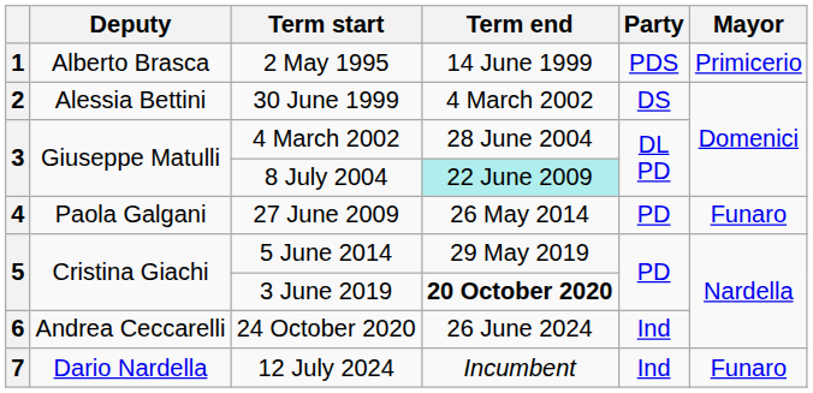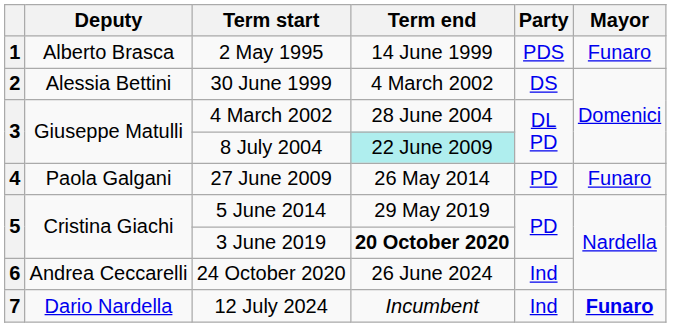 <table class="wikitable" style="text-align: center;">
 <tr>
 <th class=unsortable> </th>
 <th>Deputy</th>
 <th>Term start</th>
 <th>Term end</th>
 <th>Party</th>
 <th>Mayor</th>
 </tr>
 <tr>
 <th style="background:">1</th>
 <td>Alberto Brasca</td>
 <td>2 May 1995</td>
 <td>14 June 1999</td>
 <td><a href='#'>PDS</a></td>
-<td><a href='#'>Primicerio</a></td>
+<td><a href='#'>Funaro</a></td>
 </tr>
 <tr>
 <th style="background:">2</th>
 <td>Alessia Bettini</td>
 <td>30 June 1999</td>
 <td>4 March 2002</td>
 <td><a href='#'>DS</a></td>
 <td rowspan=3><a href='#'>Domenici</a></td>
 </tr>
 <tr>
 <th rowspan=2 style="background:">3</th>
 <td rowspan=2>Giuseppe Matulli</td>
 <td>4 March 2002</td>
 <td>28 June 2004</td>
 <td rowspan=2><a href='#'>DL</a><br><a href='#'>PD</a></td>
 </tr>
 <tr>
 <td>8 July 2004</td>
 <td style="background: paleturquoise;">22 June 2009</td>
 </tr>
 <tr>
 <th style="background:">4</th>
 <td>Paola Galgani</td>
 <td>27 June 2009</td>
 <td>26 May 2014</td>
 <td><a href='#'>PD</a></td>
 <td><a href='#'>Funaro</a></td>
 </tr>
 <tr>
 <th rowspan=2 style="background:">5</th>
 <td rowspan=2>Cristina Giachi</td>
 <td>5 June 2014</td>
 <td>29 May 2019</td>
 <td rowspan=2><a href='#'>PD</a></td>
 <td rowspan=3><a href='#'>Nardella</a></td>
 </tr>
 <tr>
 <td>3 June 2019</td>
 <td><strong>20 October 2020</strong></td>
 </tr>
 <tr>
 <th style="background:">6</th>
 <td>Andrea Ceccarelli</td>
 <td>24 October 2020</td>
 <td>26 June 2024</td>
 <td><a href='#'>Ind</a></td>
 </tr>
 <tr>
 <th style="background:">7</th>
 <td><a href='#'>Dario Nardella</a></td>
 <td>12 July 2024</td>
 <td><em>Incumbent</em></td>
 <td><a href='#'>Ind</a></td>
-<td><a href='#'>Funaro</a></td>
+<td><strong><a href='#'>Funaro</a></strong></td>
 </tr>
 </table>
